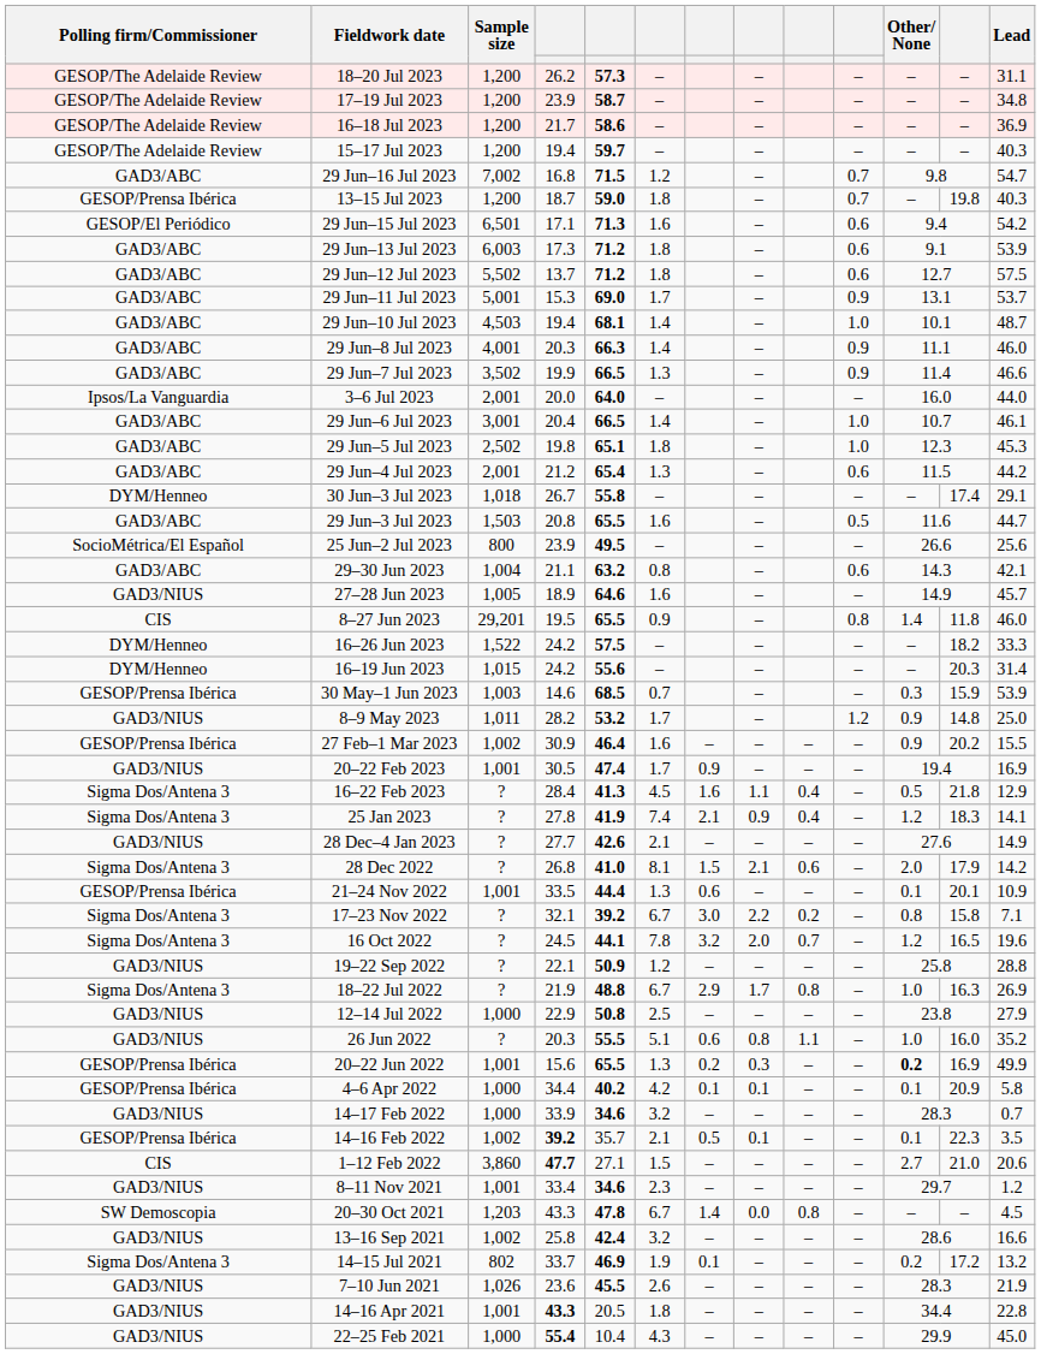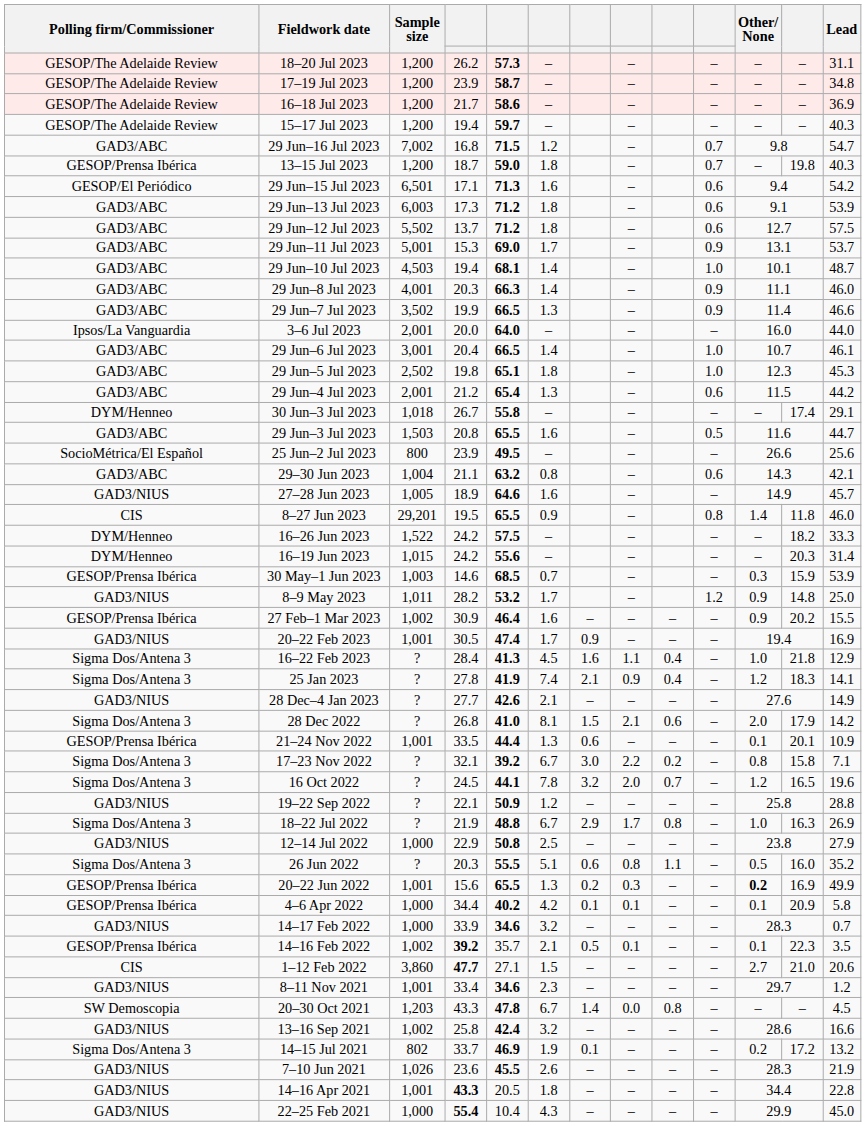 <table class="wikitable collapsible collapsed" style="text-align:center; font-size:90%; line-height:14px;">
 <tr style="height:42px;">
 <th style="width:250px;" rowspan="2">Polling firm/Commissioner</th>
 <th style="width:125px;" rowspan="2">Fieldwork date</th>
 <th style="width:50px;" rowspan="2">Sample size</th>
 <th style="width:35px;"></th>
 <th style="width:35px;"></th>
 <th style="width:35px;"></th>
 <th style="width:35px;"></th>
 <th style="width:35px;"></th>
 <th style="width:35px;"></th>
 <th style="width:35px;"></th>
 <th style="width:35px;" rowspan="2">Other/<br>None</th>
 <th style="width:35px;" rowspan="2"></th>
 <th style="width:30px;" rowspan="2">Lead</th>
 </tr>
 <tr>
 <th style="color:inherit;background:"></th>
 <th style="color:inherit;background:"></th>
 <th style="color:inherit;background:"></th>
 <th style="color:inherit;background:"></th>
 <th style="color:inherit;background:"></th>
 <th style="color:inherit;background:"></th>
 <th style="color:inherit;background:"></th>
 </tr>
 <tr style="background:#FFEAEA;">
 <td>GESOP/The Adelaide Review</td>
 <td>18–20 Jul 2023</td>
 <td>1,200</td>
 <td>26.2</td>
 <td><strong>57.3</strong></td>
 <td>–</td>
 <td></td>
 <td>–</td>
 <td></td>
 <td>–</td>
 <td>–</td>
 <td>–</td>
 <td style="background:">31.1</td>
 </tr>
 <tr style="background:#FFEAEA;">
 <td>GESOP/The Adelaide Review</td>
 <td>17–19 Jul 2023</td>
 <td>1,200</td>
 <td>23.9</td>
 <td><strong>58.7</strong></td>
 <td>–</td>
 <td></td>
 <td>–</td>
 <td></td>
 <td>–</td>
 <td>–</td>
 <td>–</td>
 <td style="background:">34.8</td>
 </tr>
 <tr style="background:#FFEAEA;">
 <td>GESOP/The Adelaide Review</td>
 <td>16–18 Jul 2023</td>
 <td>1,200</td>
 <td>21.7</td>
 <td><strong>58.6</strong></td>
 <td>–</td>
 <td></td>
 <td>–</td>
 <td></td>
 <td>–</td>
 <td>–</td>
 <td>–</td>
 <td style="background:">36.9</td>
 </tr>
 <tr>
 <td>GESOP/The Adelaide Review</td>
 <td>15–17 Jul 2023</td>
 <td>1,200</td>
 <td>19.4</td>
 <td><strong>59.7</strong></td>
 <td>–</td>
 <td></td>
 <td>–</td>
 <td></td>
 <td>–</td>
 <td>–</td>
 <td>–</td>
 <td style="background:">40.3</td>
 </tr>
 <tr>
 <td>GAD3/ABC</td>
 <td>29 Jun–16 Jul 2023</td>
 <td>7,002</td>
 <td>16.8</td>
 <td><strong>71.5</strong></td>
 <td>1.2</td>
 <td></td>
 <td>–</td>
 <td></td>
 <td>0.7</td>
 <td colspan="2">9.8</td>
 <td style="background:">54.7</td>
 </tr>
 <tr>
 <td>GESOP/Prensa Ibérica</td>
 <td>13–15 Jul 2023</td>
 <td>1,200</td>
 <td>18.7</td>
 <td><strong>59.0</strong></td>
 <td>1.8</td>
 <td></td>
 <td>–</td>
 <td></td>
 <td>0.7</td>
 <td>–</td>
 <td>19.8</td>
 <td style="background:">40.3</td>
 </tr>
 <tr>
 <td>GESOP/El Periódico</td>
 <td>29 Jun–15 Jul 2023</td>
 <td>6,501</td>
 <td>17.1</td>
 <td><strong>71.3</strong></td>
 <td>1.6</td>
 <td></td>
 <td>–</td>
 <td></td>
 <td>0.6</td>
 <td colspan="2">9.4</td>
 <td style="background:">54.2</td>
 </tr>
 <tr>
 <td>GAD3/ABC</td>
 <td>29 Jun–13 Jul 2023</td>
 <td>6,003</td>
 <td>17.3</td>
 <td><strong>71.2</strong></td>
 <td>1.8</td>
 <td></td>
 <td>–</td>
 <td></td>
 <td>0.6</td>
 <td colspan="2">9.1</td>
 <td style="background:">53.9</td>
 </tr>
 <tr>
 <td>GAD3/ABC</td>
 <td>29 Jun–12 Jul 2023</td>
 <td>5,502</td>
 <td>13.7</td>
 <td><strong>71.2</strong></td>
 <td>1.8</td>
 <td></td>
 <td>–</td>
 <td></td>
 <td>0.6</td>
 <td colspan="2">12.7</td>
 <td style="background:">57.5</td>
 </tr>
 <tr>
 <td>GAD3/ABC</td>
 <td>29 Jun–11 Jul 2023</td>
 <td>5,001</td>
 <td>15.3</td>
 <td><strong>69.0</strong></td>
 <td>1.7</td>
 <td></td>
 <td>–</td>
 <td></td>
 <td>0.9</td>
 <td colspan="2">13.1</td>
 <td style="background:">53.7</td>
 </tr>
 <tr>
 <td>GAD3/ABC</td>
 <td>29 Jun–10 Jul 2023</td>
 <td>4,503</td>
 <td>19.4</td>
 <td><strong>68.1</strong></td>
 <td>1.4</td>
 <td></td>
 <td>–</td>
 <td></td>
 <td>1.0</td>
 <td colspan="2">10.1</td>
 <td style="background:">48.7</td>
 </tr>
 <tr>
 <td>GAD3/ABC</td>
 <td>29 Jun–8 Jul 2023</td>
 <td>4,001</td>
 <td>20.3</td>
 <td><strong>66.3</strong></td>
 <td>1.4</td>
 <td></td>
 <td>–</td>
 <td></td>
 <td>0.9</td>
 <td colspan="2">11.1</td>
 <td style="background:">46.0</td>
 </tr>
 <tr>
 <td>GAD3/ABC</td>
 <td>29 Jun–7 Jul 2023</td>
 <td>3,502</td>
 <td>19.9</td>
 <td><strong>66.5</strong></td>
 <td>1.3</td>
 <td></td>
 <td>–</td>
 <td></td>
 <td>0.9</td>
 <td colspan="2">11.4</td>
 <td style="background:">46.6</td>
 </tr>
 <tr>
 <td>Ipsos/La Vanguardia</td>
 <td>3–6 Jul 2023</td>
 <td>2,001</td>
 <td>20.0</td>
 <td><strong>64.0</strong></td>
 <td>–</td>
 <td></td>
 <td>–</td>
 <td></td>
 <td>–</td>
 <td colspan="2">16.0</td>
 <td style="background:">44.0</td>
 </tr>
 <tr>
 <td>GAD3/ABC</td>
 <td>29 Jun–6 Jul 2023</td>
 <td>3,001</td>
 <td>20.4</td>
 <td><strong>66.5</strong></td>
 <td>1.4</td>
 <td></td>
 <td>–</td>
 <td></td>
 <td>1.0</td>
 <td colspan="2">10.7</td>
 <td style="background:">46.1</td>
 </tr>
 <tr>
 <td>GAD3/ABC</td>
 <td>29 Jun–5 Jul 2023</td>
 <td>2,502</td>
 <td>19.8</td>
 <td><strong>65.1</strong></td>
 <td>1.8</td>
 <td></td>
 <td>–</td>
 <td></td>
 <td>1.0</td>
 <td colspan="2">12.3</td>
 <td style="background:">45.3</td>
 </tr>
 <tr>
 <td>GAD3/ABC</td>
 <td>29 Jun–4 Jul 2023</td>
 <td>2,001</td>
 <td>21.2</td>
 <td><strong>65.4</strong></td>
 <td>1.3</td>
 <td></td>
 <td>–</td>
 <td></td>
 <td>0.6</td>
 <td colspan="2">11.5</td>
 <td style="background:">44.2</td>
 </tr>
 <tr>
 <td>DYM/Henneo</td>
 <td>30 Jun–3 Jul 2023</td>
 <td>1,018</td>
 <td>26.7</td>
 <td><strong>55.8</strong></td>
 <td>–</td>
 <td></td>
 <td>–</td>
 <td></td>
 <td>–</td>
 <td>–</td>
 <td>17.4</td>
 <td style="background:">29.1</td>
 </tr>
 <tr>
 <td>GAD3/ABC</td>
 <td>29 Jun–3 Jul 2023</td>
 <td>1,503</td>
 <td>20.8</td>
 <td><strong>65.5</strong></td>
 <td>1.6</td>
 <td></td>
 <td>–</td>
 <td></td>
 <td>0.5</td>
 <td colspan="2">11.6</td>
 <td style="background:">44.7</td>
 </tr>
 <tr>
 <td>SocioMétrica/El Español</td>
 <td>25 Jun–2 Jul 2023</td>
 <td>800</td>
 <td>23.9</td>
 <td><strong>49.5</strong></td>
 <td>–</td>
 <td></td>
 <td>–</td>
 <td></td>
 <td>–</td>
 <td colspan="2">26.6</td>
 <td style="background:">25.6</td>
 </tr>
 <tr>
 <td>GAD3/ABC</td>
 <td>29–30 Jun 2023</td>
 <td>1,004</td>
 <td>21.1</td>
 <td><strong>63.2</strong></td>
 <td>0.8</td>
 <td></td>
 <td>–</td>
 <td></td>
 <td>0.6</td>
 <td colspan="2">14.3</td>
 <td style="background:">42.1</td>
 </tr>
 <tr>
 <td>GAD3/NIUS</td>
 <td>27–28 Jun 2023</td>
 <td>1,005</td>
 <td>18.9</td>
 <td><strong>64.6</strong></td>
 <td>1.6</td>
 <td></td>
 <td>–</td>
 <td></td>
 <td>–</td>
 <td colspan="2">14.9</td>
 <td style="background:">45.7</td>
 </tr>
 <tr>
 <td>CIS</td>
 <td>8–27 Jun 2023</td>
 <td>29,201</td>
 <td>19.5</td>
 <td><strong>65.5</strong></td>
 <td>0.9</td>
 <td></td>
 <td>–</td>
 <td></td>
 <td>0.8</td>
 <td>1.4</td>
 <td>11.8</td>
 <td style="background:">46.0</td>
 </tr>
 <tr>
 <td>DYM/Henneo</td>
 <td>16–26 Jun 2023</td>
 <td>1,522</td>
 <td>24.2</td>
 <td><strong>57.5</strong></td>
 <td>–</td>
 <td></td>
 <td>–</td>
 <td></td>
 <td>–</td>
 <td>–</td>
 <td>18.2</td>
 <td style="background:">33.3</td>
 </tr>
 <tr>
 <td>DYM/Henneo</td>
 <td>16–19 Jun 2023</td>
 <td>1,015</td>
 <td>24.2</td>
 <td><strong>55.6</strong></td>
 <td>–</td>
 <td></td>
 <td>–</td>
 <td></td>
 <td>–</td>
 <td>–</td>
 <td>20.3</td>
 <td style="background:">31.4</td>
 </tr>
 <tr>
 <td>GESOP/Prensa Ibérica</td>
 <td>30 May–1 Jun 2023</td>
 <td>1,003</td>
 <td>14.6</td>
 <td><strong>68.5</strong></td>
 <td>0.7</td>
 <td></td>
 <td>–</td>
 <td></td>
 <td>–</td>
 <td>0.3</td>
 <td>15.9</td>
 <td style="background:">53.9</td>
 </tr>
 <tr>
 <td>GAD3/NIUS</td>
 <td>8–9 May 2023</td>
 <td>1,011</td>
 <td>28.2</td>
 <td><strong>53.2</strong></td>
 <td>1.7</td>
 <td></td>
 <td>–</td>
 <td></td>
 <td>1.2</td>
 <td>0.9</td>
 <td>14.8</td>
 <td style="background:">25.0</td>
 </tr>
 <tr>
 <td>GESOP/Prensa Ibérica</td>
 <td>27 Feb–1 Mar 2023</td>
 <td>1,002</td>
 <td>30.9</td>
 <td><strong>46.4</strong></td>
 <td>1.6</td>
 <td>–</td>
 <td>–</td>
 <td>–</td>
 <td>–</td>
 <td>0.9</td>
 <td>20.2</td>
 <td style="background:">15.5</td>
 </tr>
 <tr>
 <td>GAD3/NIUS</td>
 <td>20–22 Feb 2023</td>
 <td>1,001</td>
 <td>30.5</td>
 <td><strong>47.4</strong></td>
 <td>1.7</td>
 <td>0.9</td>
 <td>–</td>
 <td>–</td>
 <td>–</td>
 <td colspan="2">19.4</td>
 <td style="background:">16.9</td>
 </tr>
 <tr>
 <td>Sigma Dos/Antena 3</td>
 <td>16–22 Feb 2023</td>
 <td>?</td>
 <td>28.4</td>
 <td><strong>41.3</strong></td>
 <td>4.5</td>
 <td>1.6</td>
 <td>1.1</td>
 <td>0.4</td>
 <td>–</td>
-<td>0.5</td>
+<td>1.0</td>
 <td>21.8</td>
 <td style="background:">12.9</td>
 </tr>
 <tr>
 <td>Sigma Dos/Antena 3</td>
 <td>25 Jan 2023</td>
 <td>?</td>
 <td>27.8</td>
 <td><strong>41.9</strong></td>
 <td>7.4</td>
 <td>2.1</td>
 <td>0.9</td>
 <td>0.4</td>
 <td>–</td>
 <td>1.2</td>
 <td>18.3</td>
 <td style="background:">14.1</td>
 </tr>
 <tr>
 <td>GAD3/NIUS</td>
 <td>28 Dec–4 Jan 2023</td>
 <td>?</td>
 <td>27.7</td>
 <td><strong>42.6</strong></td>
 <td>2.1</td>
 <td>–</td>
 <td>–</td>
 <td>–</td>
 <td>–</td>
 <td colspan="2">27.6</td>
 <td style="background:">14.9</td>
 </tr>
 <tr>
 <td>Sigma Dos/Antena 3</td>
 <td>28 Dec 2022</td>
 <td>?</td>
 <td>26.8</td>
 <td><strong>41.0</strong></td>
 <td>8.1</td>
 <td>1.5</td>
 <td>2.1</td>
 <td>0.6</td>
 <td>–</td>
 <td>2.0</td>
 <td>17.9</td>
 <td style="background:">14.2</td>
 </tr>
 <tr>
 <td>GESOP/Prensa Ibérica</td>
 <td>21–24 Nov 2022</td>
 <td>1,001</td>
 <td>33.5</td>
 <td><strong>44.4</strong></td>
 <td>1.3</td>
 <td>0.6</td>
 <td>–</td>
 <td>–</td>
 <td>–</td>
 <td>0.1</td>
 <td>20.1</td>
 <td style="background:">10.9</td>
 </tr>
 <tr>
 <td>Sigma Dos/Antena 3</td>
 <td>17–23 Nov 2022</td>
 <td>?</td>
 <td>32.1</td>
 <td><strong>39.2</strong></td>
 <td>6.7</td>
 <td>3.0</td>
 <td>2.2</td>
 <td>0.2</td>
 <td>–</td>
 <td>0.8</td>
 <td>15.8</td>
 <td style="background:">7.1</td>
 </tr>
 <tr>
 <td>Sigma Dos/Antena 3</td>
 <td>16 Oct 2022</td>
 <td>?</td>
 <td>24.5</td>
 <td><strong>44.1</strong></td>
 <td>7.8</td>
 <td>3.2</td>
 <td>2.0</td>
 <td>0.7</td>
 <td>–</td>
 <td>1.2</td>
 <td>16.5</td>
 <td style="background:">19.6</td>
 </tr>
 <tr>
 <td>GAD3/NIUS</td>
 <td>19–22 Sep 2022</td>
 <td>?</td>
 <td>22.1</td>
 <td><strong>50.9</strong></td>
 <td>1.2</td>
 <td>–</td>
 <td>–</td>
 <td>–</td>
 <td>–</td>
 <td colspan="2">25.8</td>
 <td style="background:">28.8</td>
 </tr>
 <tr>
 <td>Sigma Dos/Antena 3</td>
 <td>18–22 Jul 2022</td>
 <td>?</td>
 <td>21.9</td>
 <td><strong>48.8</strong></td>
 <td>6.7</td>
 <td>2.9</td>
 <td>1.7</td>
 <td>0.8</td>
 <td>–</td>
 <td>1.0</td>
 <td>16.3</td>
 <td style="background:">26.9</td>
 </tr>
 <tr>
 <td>GAD3/NIUS</td>
 <td>12–14 Jul 2022</td>
 <td>1,000</td>
 <td>22.9</td>
 <td><strong>50.8</strong></td>
 <td>2.5</td>
 <td>–</td>
 <td>–</td>
 <td>–</td>
 <td>–</td>
 <td colspan="2">23.8</td>
 <td style="background:">27.9</td>
 </tr>
 <tr>
-<td>GAD3/NIUS</td>
+<td>Sigma Dos/Antena 3</td>
 <td>26 Jun 2022</td>
 <td>?</td>
 <td>20.3</td>
 <td><strong>55.5</strong></td>
 <td>5.1</td>
 <td>0.6</td>
 <td>0.8</td>
 <td>1.1</td>
 <td>–</td>
-<td>1.0</td>
+<td>0.5</td>
 <td>16.0</td>
 <td style="background:">35.2</td>
 </tr>
 <tr>
 <td>GESOP/Prensa Ibérica</td>
 <td>20–22 Jun 2022</td>
 <td>1,001</td>
 <td>15.6</td>
 <td><strong>65.5</strong></td>
 <td>1.3</td>
 <td>0.2</td>
 <td>0.3</td>
 <td>–</td>
 <td>–</td>
 <td><strong>0.2</strong></td>
 <td>16.9</td>
 <td style="background:">49.9</td>
 </tr>
 <tr>
 <td>GESOP/Prensa Ibérica</td>
 <td>4–6 Apr 2022</td>
 <td>1,000</td>
 <td>34.4</td>
 <td><strong>40.2</strong></td>
 <td>4.2</td>
 <td>0.1</td>
 <td>0.1</td>
 <td>–</td>
 <td>–</td>
 <td>0.1</td>
 <td>20.9</td>
 <td style="background:">5.8</td>
 </tr>
 <tr>
 <td>GAD3/NIUS</td>
 <td>14–17 Feb 2022</td>
 <td>1,000</td>
 <td>33.9</td>
 <td><strong>34.6</strong></td>
 <td>3.2</td>
 <td>–</td>
 <td>–</td>
 <td>–</td>
 <td>–</td>
 <td colspan="2">28.3</td>
 <td style="background:">0.7</td>
 </tr>
 <tr>
 <td>GESOP/Prensa Ibérica</td>
 <td>14–16 Feb 2022</td>
 <td>1,002</td>
 <td><strong>39.2</strong></td>
 <td>35.7</td>
 <td>2.1</td>
 <td>0.5</td>
 <td>0.1</td>
 <td>–</td>
 <td>–</td>
 <td>0.1</td>
 <td>22.3</td>
 <td style="background:">3.5</td>
 </tr>
 <tr>
 <td>CIS</td>
 <td>1–12 Feb 2022</td>
 <td>3,860</td>
 <td><strong>47.7</strong></td>
 <td>27.1</td>
 <td>1.5</td>
 <td>–</td>
 <td>–</td>
 <td>–</td>
 <td>–</td>
 <td>2.7</td>
 <td>21.0</td>
 <td style="background:">20.6</td>
 </tr>
 <tr>
 <td>GAD3/NIUS</td>
 <td>8–11 Nov 2021</td>
 <td>1,001</td>
 <td>33.4</td>
 <td><strong>34.6</strong></td>
 <td>2.3</td>
 <td>–</td>
 <td>–</td>
 <td>–</td>
 <td>–</td>
 <td colspan="2">29.7</td>
 <td style="background:">1.2</td>
 </tr>
 <tr>
 <td>SW Demoscopia</td>
 <td>20–30 Oct 2021</td>
 <td>1,203</td>
 <td>43.3</td>
 <td><strong>47.8</strong></td>
 <td>6.7</td>
 <td>1.4</td>
 <td>0.0</td>
 <td>0.8</td>
 <td>–</td>
 <td>–</td>
 <td>–</td>
 <td style="background:">4.5</td>
 </tr>
 <tr>
 <td>GAD3/NIUS</td>
 <td>13–16 Sep 2021</td>
 <td>1,002</td>
 <td>25.8</td>
 <td><strong>42.4</strong></td>
 <td>3.2</td>
 <td>–</td>
 <td>–</td>
 <td>–</td>
 <td>–</td>
 <td colspan="2">28.6</td>
 <td style="background:">16.6</td>
 </tr>
 <tr>
 <td>Sigma Dos/Antena 3</td>
 <td>14–15 Jul 2021</td>
 <td>802</td>
 <td>33.7</td>
 <td><strong>46.9</strong></td>
 <td>1.9</td>
 <td>0.1</td>
 <td>–</td>
 <td>–</td>
 <td>–</td>
 <td>0.2</td>
 <td>17.2</td>
 <td style="background:">13.2</td>
 </tr>
 <tr>
 <td>GAD3/NIUS</td>
 <td>7–10 Jun 2021</td>
 <td>1,026</td>
 <td>23.6</td>
 <td><strong>45.5</strong></td>
 <td>2.6</td>
 <td>–</td>
 <td>–</td>
 <td>–</td>
 <td>–</td>
 <td colspan="2">28.3</td>
 <td style="background:">21.9</td>
 </tr>
 <tr>
 <td>GAD3/NIUS</td>
 <td>14–16 Apr 2021</td>
 <td>1,001</td>
 <td><strong>43.3</strong></td>
 <td>20.5</td>
 <td>1.8</td>
 <td>–</td>
 <td>–</td>
 <td>–</td>
 <td>–</td>
 <td colspan="2">34.4</td>
 <td style="background:">22.8</td>
 </tr>
 <tr>
 <td>GAD3/NIUS</td>
 <td>22–25 Feb 2021</td>
 <td>1,000</td>
 <td><strong>55.4</strong></td>
 <td>10.4</td>
 <td>4.3</td>
 <td>–</td>
 <td>–</td>
 <td>–</td>
 <td>–</td>
 <td colspan="2">29.9</td>
 <td style="background:">45.0</td>
 </tr>
 </table>
